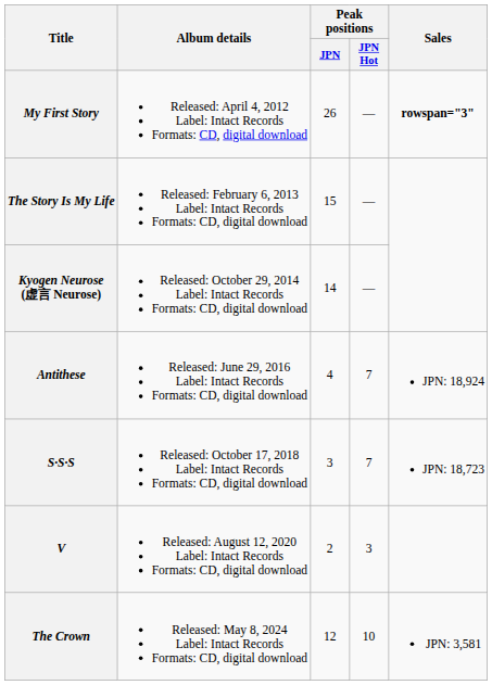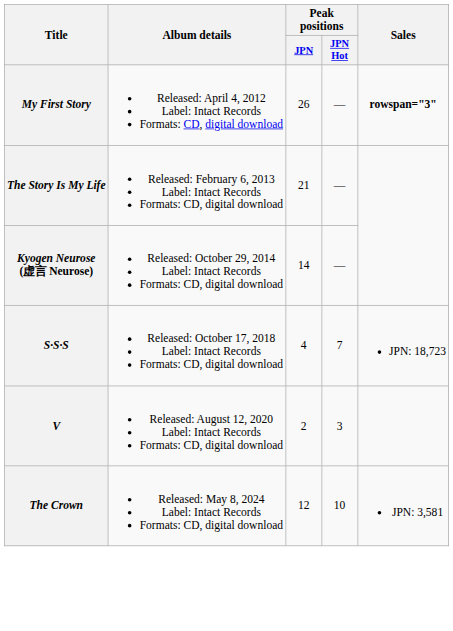 <table class="wikitable plainrowheaders" style="text-align:center">
 <tr>
 <th scope="col" rowspan="2">Title</th>
 <th scope="col" rowspan="2">Album details</th>
 <th scope="col" colspan="2">Peak positions</th>
 <th scope="col" rowspan="2">Sales</th>
 </tr>
 <tr>
 <th scope="col" style="width:3em;font-size:90%;"><a href='#'>JPN</a><br></th>
 <th scope="col" style="width:3em;font-size:90%;"><a href='#'>JPN<br>Hot</a><br></th>
 </tr>
 <tr>
 <th scope="row"><em>My First Story</em></th>
 <td><br><ul><li>Released: April 4, 2012</li><li>Label: Intact Records</li><li>Formats: <a href='#'>CD</a>, <a href='#'>digital download</a></li></ul></td>
 <td>26</td>
 <td>—</td>
 <td><strong>rowspan="3" </strong></td>
 </tr>
 <tr>
 <th scope="row"><em>The Story Is My Life</em></th>
 <td><br><ul><li>Released: February 6, 2013</li><li>Label: Intact Records</li><li>Formats: CD, digital download</li></ul></td>
-<td>15</td>
+<td>21</td>
 <td>—</td>
 </tr>
 <tr>
 <th scope="row"><em>Kyogen Neurose</em><br>(虚言 Neurose)</th>
 <td><br><ul><li>Released: October 29, 2014</li><li>Label: Intact Records</li><li>Formats: CD, digital download</li></ul></td>
 <td>14</td>
 <td>—</td>
 </tr>
 <tr>
-<th scope="row"><em>Antithese</em></th>
-<td><br><ul><li>Released: June 29, 2016</li><li>Label: Intact Records</li><li>Formats: CD, digital download</li></ul></td>
-<td>4</td>
-<td>7</td>
-<td><br><ul><li>JPN: 18,924</li></ul></td>
-</tr>
-<tr>
 <th scope="row"><em>S·S·S</em></th>
 <td><br><ul><li>Released: October 17, 2018</li><li>Label: Intact Records</li><li>Formats: CD, digital download</li></ul></td>
-<td>3</td>
+<td>4</td>
 <td>7</td>
 <td><br><ul><li>JPN: 18,723</li></ul></td>
 </tr>
 <tr>
 <th scope="row"><em>V</em></th>
 <td><br><ul><li>Released: August 12, 2020</li><li>Label: Intact Records</li><li>Formats: CD, digital download</li></ul></td>
 <td>2</td>
 <td>3</td>
 <td></td>
 </tr>
 <tr>
 <th scope="row"><em>The Crown</em></th>
 <td><br><ul><li>Released: May 8, 2024</li><li>Label: Intact Records</li><li>Formats: CD, digital download</li></ul></td>
 <td>12</td>
 <td>10</td>
 <td><br><ul><li>JPN: 3,581</li></ul></td>
 </tr>
 </table>
